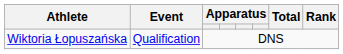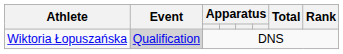 <table class="wikitable" style="font-size:90%">
 <tr>
 <th rowspan=2>Athlete</th>
 <th rowspan=2>Event</th>
 <th colspan =4>Apparatus</th>
 <th rowspan=2>Total</th>
 <th rowspan=2>Rank</th>
 </tr>
 <tr style="font-size:95%">
 <th></th>
 <th></th>
 <th></th>
 <th></th>
 </tr>
 <tr align=center>
 <td align=left><a href='#'>Wiktoria Łopuszańska</a></td>
-<td align=left><a href='#'>Qualification</a></td>
+<td align=left style="background: lightgrey;"><a href='#'>Qualification</a></td>
 <td colspan=6>DNS</td>
 </tr>
 </table>
